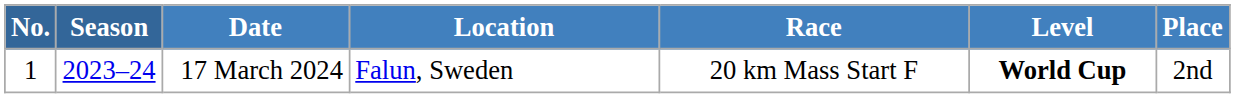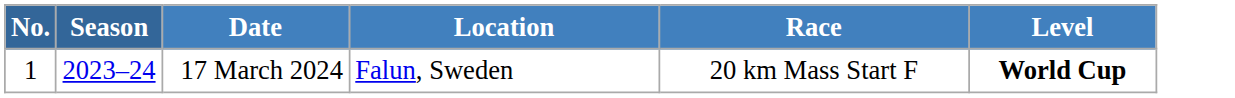 <table class="wikitable sortable" style="font-size:95%; text-align:center; border:grey solid 1px; border-collapse:collapse; background:#ffffff;">
 <tr style="background:#efefef;">
 <th style="background-color:#369; color:white;">No.</th>
 <th style="background-color:#369; color:white;">Season</th>
 <th style="background-color:#4180be; color:white; width:100px;">Date</th>
 <th style="background-color:#4180be; color:white; width:170px;">Location</th>
 <th style="background-color:#4180be; color:white; width:170px;">Race</th>
 <th style="background-color:#4180be; color:white; width:100px;">Level</th>
-<th style="background-color:#4180be; color:white;">Place</th>
 </tr>
 <tr>
 <td align=center>1</td>
 <td align="center"><a href='#'>2023–24</a></td>
 <td align=right>17 March 2024</td>
 <td align=left> <a href='#'>Falun</a>, Sweden</td>
 <td>20 km Mass Start F</td>
 <td><strong>World Cup</strong></td>
-<td>2nd</td>
 </tr>
 </table>
